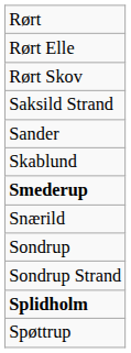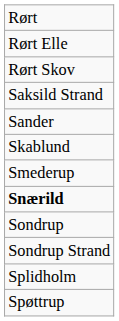 <table class="wikitable" style="float:left; margin-right:1em">
 <tr>
 <td>Rørt</td>
 </tr>
 <tr>
 <td>Rørt Elle</td>
 </tr>
 <tr>
 <td>Rørt Skov</td>
 </tr>
 <tr>
 <td>Saksild Strand</td>
 </tr>
 <tr>
 <td>Sander</td>
 </tr>
 <tr>
 <td>Skablund</td>
 </tr>
 <tr>
-<td><strong>Smederup</strong></td>
+<td>Smederup</td>
 </tr>
 <tr>
-<td>Snærild</td>
+<td><strong>Snærild</strong></td>
 </tr>
 <tr>
 <td>Sondrup</td>
 </tr>
 <tr>
 <td>Sondrup Strand</td>
 </tr>
 <tr>
-<td><strong>Splidholm</strong></td>
+<td>Splidholm</td>
 </tr>
 <tr>
 <td>Spøttrup</td>
 </tr>
 </table>
